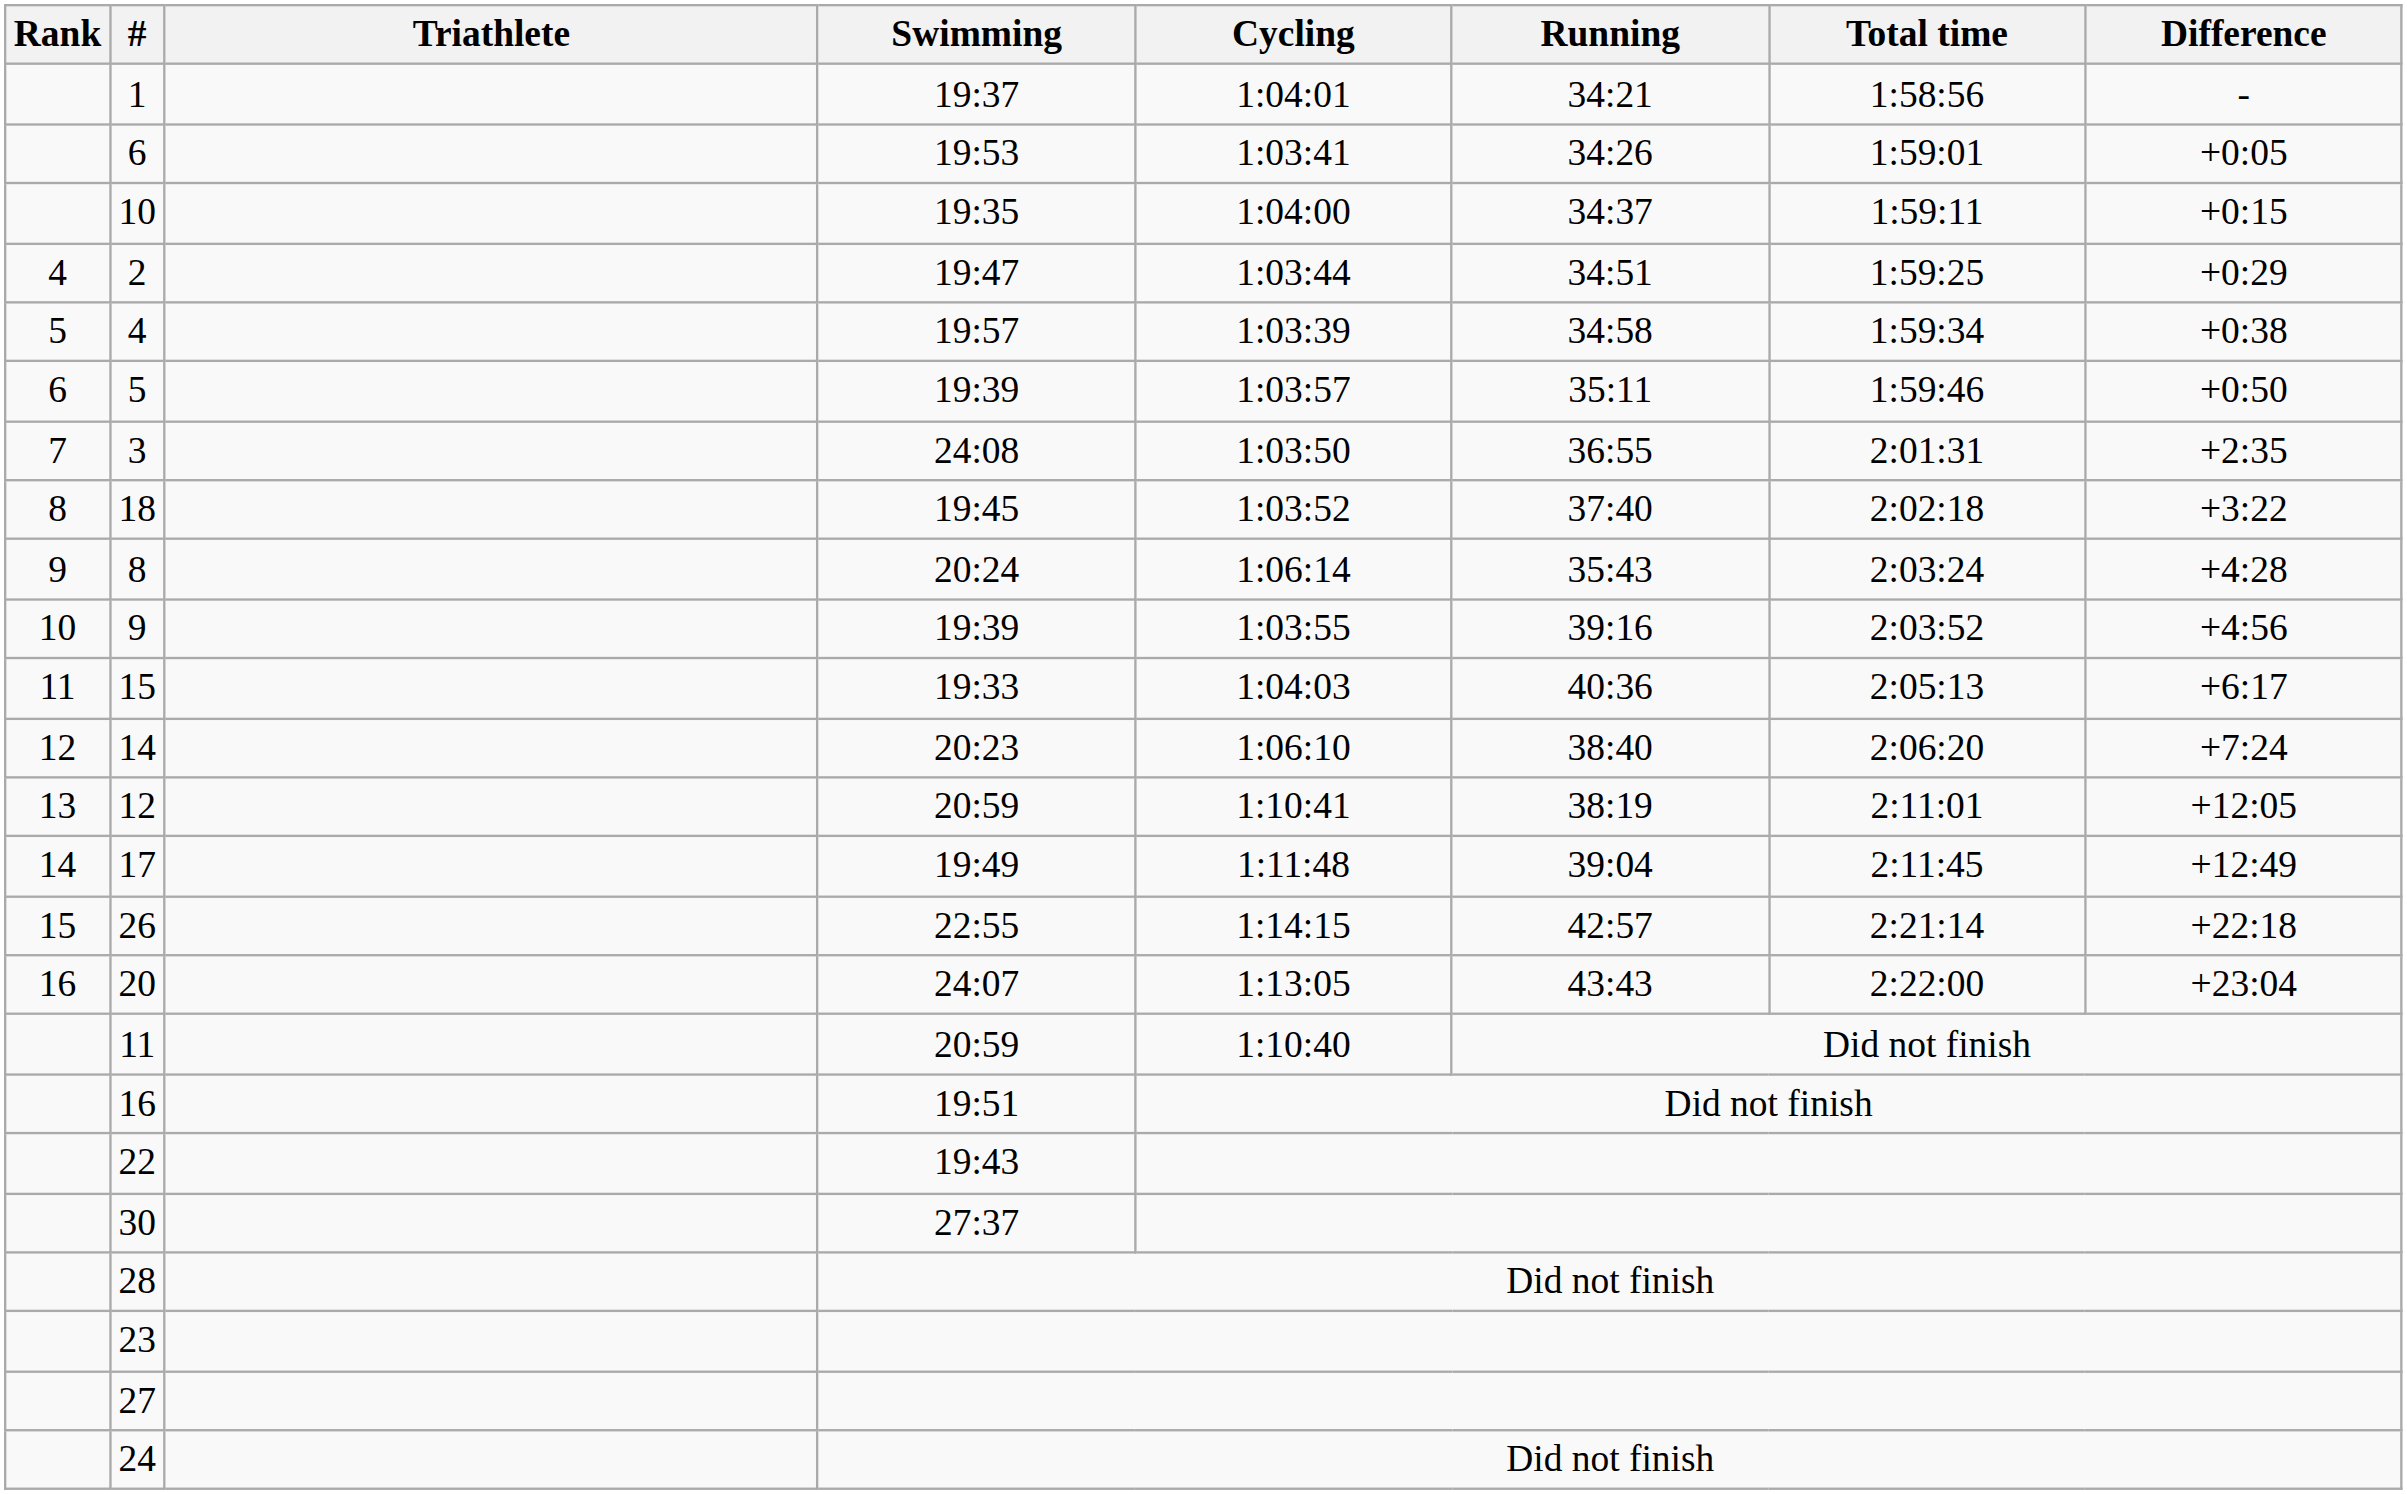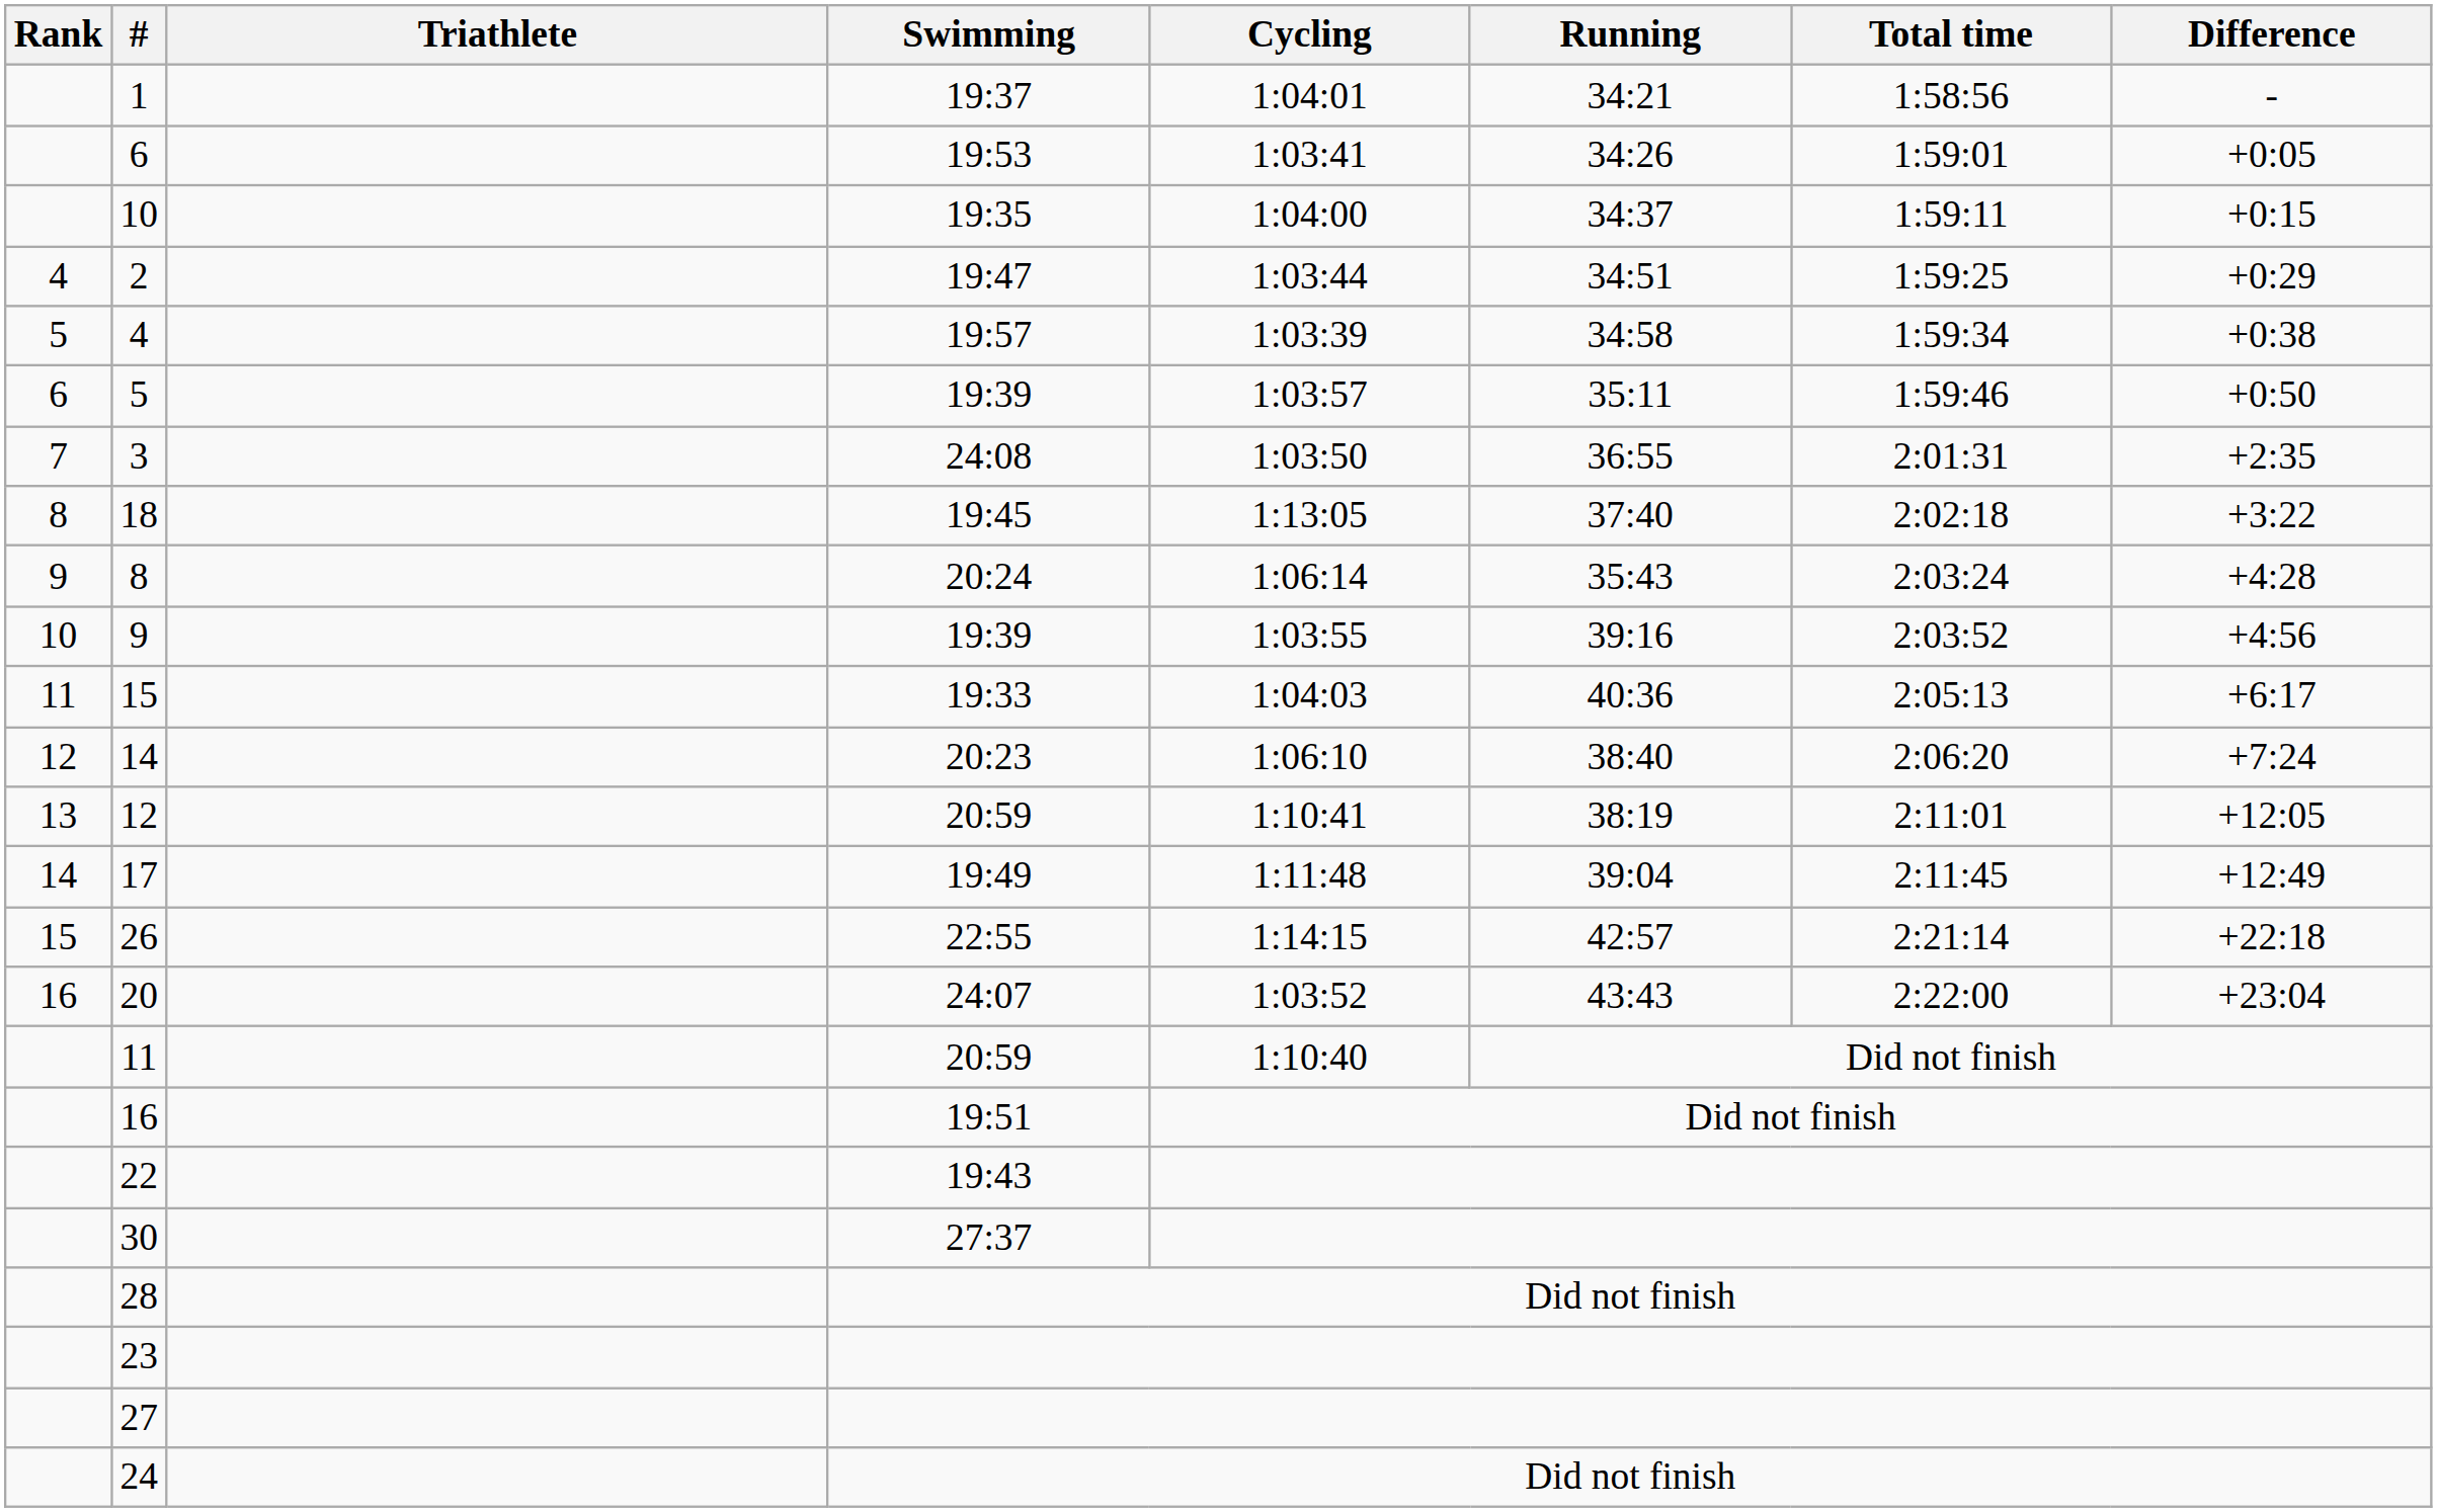 <table class="wikitable sortable" style="text-align:center">
 <tr>
 <th>Rank</th>
 <th>#</th>
 <th style="width:17em">Triathlete</th>
 <th style="width:8em">Swimming</th>
 <th style="width:8em">Cycling</th>
 <th style="width:8em">Running</th>
 <th style="width:8em">Total time</th>
 <th style="width:8em">Difference</th>
 </tr>
 <tr>
 <td></td>
 <td>1</td>
 <td align=left></td>
 <td>19:37</td>
 <td>1:04:01</td>
 <td>34:21</td>
 <td>1:58:56</td>
 <td>-</td>
 </tr>
 <tr>
 <td></td>
 <td>6</td>
 <td align=left></td>
 <td>19:53</td>
 <td>1:03:41</td>
 <td>34:26</td>
 <td>1:59:01</td>
 <td>+0:05</td>
 </tr>
 <tr>
 <td></td>
 <td>10</td>
 <td align=left></td>
 <td>19:35</td>
 <td>1:04:00</td>
 <td>34:37</td>
 <td>1:59:11</td>
 <td>+0:15</td>
 </tr>
 <tr>
 <td>4</td>
 <td>2</td>
 <td align=left></td>
 <td>19:47</td>
 <td>1:03:44</td>
 <td>34:51</td>
 <td>1:59:25</td>
 <td>+0:29</td>
 </tr>
 <tr>
 <td>5</td>
 <td>4</td>
 <td align=left></td>
 <td>19:57</td>
 <td>1:03:39</td>
 <td>34:58</td>
 <td>1:59:34</td>
 <td>+0:38</td>
 </tr>
 <tr>
 <td>6</td>
 <td>5</td>
 <td align=left></td>
 <td>19:39</td>
 <td>1:03:57</td>
 <td>35:11</td>
 <td>1:59:46</td>
 <td>+0:50</td>
 </tr>
 <tr>
 <td>7</td>
 <td>3</td>
 <td align=left></td>
 <td>24:08</td>
 <td>1:03:50</td>
 <td>36:55</td>
 <td>2:01:31</td>
 <td>+2:35</td>
 </tr>
 <tr>
 <td>8</td>
 <td>18</td>
 <td align=left></td>
 <td>19:45</td>
-<td>1:03:52</td>
+<td>1:13:05</td>
 <td>37:40</td>
 <td>2:02:18</td>
 <td>+3:22</td>
 </tr>
 <tr>
 <td>9</td>
 <td>8</td>
 <td align=left></td>
 <td>20:24</td>
 <td>1:06:14</td>
 <td>35:43</td>
 <td>2:03:24</td>
 <td>+4:28</td>
 </tr>
 <tr>
 <td>10</td>
 <td>9</td>
 <td align=left></td>
 <td>19:39</td>
 <td>1:03:55</td>
 <td>39:16</td>
 <td>2:03:52</td>
 <td>+4:56</td>
 </tr>
 <tr>
 <td>11</td>
 <td>15</td>
 <td align=left></td>
 <td>19:33</td>
 <td>1:04:03</td>
 <td>40:36</td>
 <td>2:05:13</td>
 <td>+6:17</td>
 </tr>
 <tr>
 <td>12</td>
 <td>14</td>
 <td align=left></td>
 <td>20:23</td>
 <td>1:06:10</td>
 <td>38:40</td>
 <td>2:06:20</td>
 <td>+7:24</td>
 </tr>
 <tr>
 <td>13</td>
 <td>12</td>
 <td align=left></td>
 <td>20:59</td>
 <td>1:10:41</td>
 <td>38:19</td>
 <td>2:11:01</td>
 <td>+12:05</td>
 </tr>
 <tr>
 <td>14</td>
 <td>17</td>
 <td align=left></td>
 <td>19:49</td>
 <td>1:11:48</td>
 <td>39:04</td>
 <td>2:11:45</td>
 <td>+12:49</td>
 </tr>
 <tr>
 <td>15</td>
 <td>26</td>
 <td align=left></td>
 <td>22:55</td>
 <td>1:14:15</td>
 <td>42:57</td>
 <td>2:21:14</td>
 <td>+22:18</td>
 </tr>
 <tr>
 <td>16</td>
 <td>20</td>
 <td align=left></td>
 <td>24:07</td>
-<td>1:13:05</td>
+<td>1:03:52</td>
 <td>43:43</td>
 <td>2:22:00</td>
 <td>+23:04</td>
 </tr>
 <tr>
 <td></td>
 <td>11</td>
 <td align=left></td>
 <td>20:59</td>
 <td>1:10:40</td>
 <td colspan=3>Did not finish</td>
 </tr>
 <tr>
 <td></td>
 <td>16</td>
 <td align=left></td>
 <td>19:51</td>
 <td colspan=4>Did not finish</td>
 </tr>
 <tr>
 <td></td>
 <td>22</td>
 <td align=left></td>
 <td>19:43</td>
 <td colspan=4></td>
 </tr>
 <tr>
 <td></td>
 <td>30</td>
 <td align=left></td>
 <td>27:37</td>
 <td colspan=4></td>
 </tr>
 <tr>
 <td></td>
 <td>28</td>
 <td align=left></td>
 <td colspan=5>Did not finish</td>
 </tr>
 <tr>
 <td></td>
 <td>23</td>
 <td align=left></td>
 <td colspan=5></td>
 </tr>
 <tr>
 <td></td>
 <td>27</td>
 <td align=left></td>
 <td colspan=5></td>
 </tr>
 <tr>
 <td></td>
 <td>24</td>
 <td align=left></td>
 <td colspan=5>Did not finish</td>
 </tr>
 </table>
